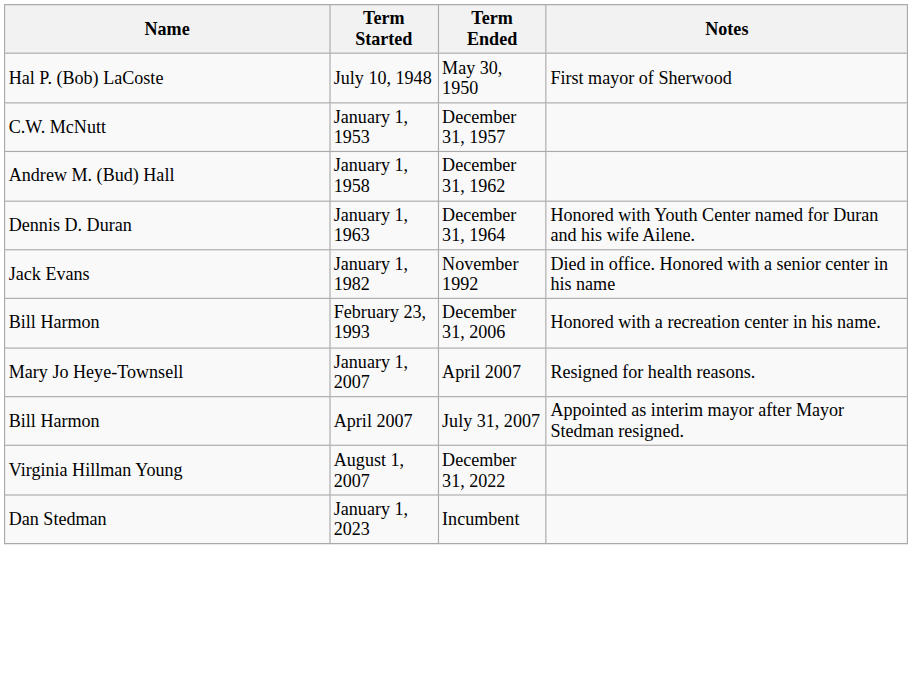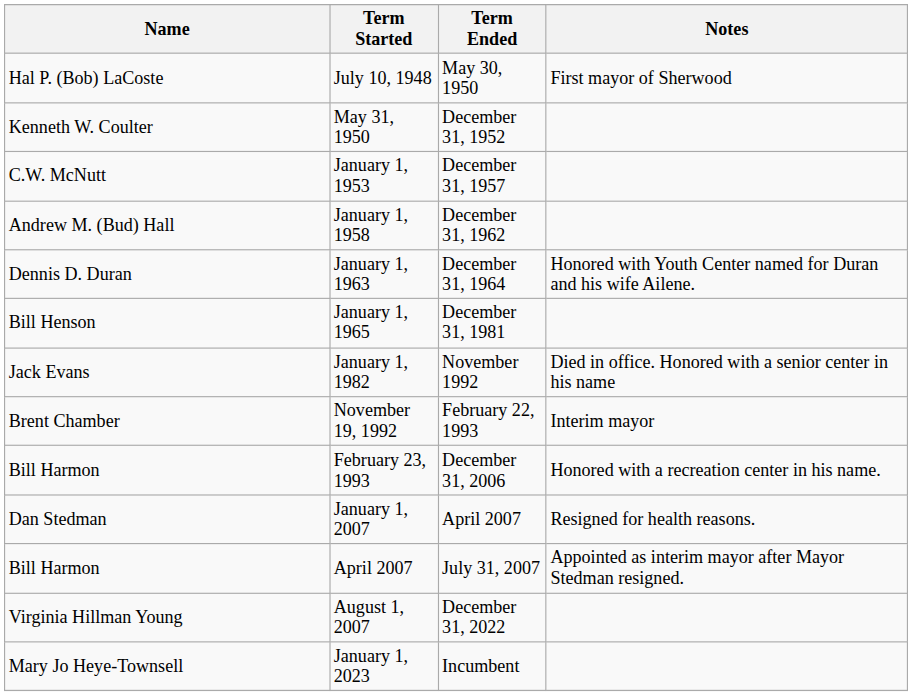 <table class="wikitable sortable" width="800pt">
 <tr>
 </tr>
 <tr>
 <th width="36%">Name</th>
 <th width="12%">Term<br>Started</th>
 <th width="12%">Term<br>Ended</th>
 <th width="40%">Notes</th>
 </tr>
 <tr>
 <td>Hal P. (Bob) LaCoste</td>
 <td>July 10, 1948</td>
 <td>May 30, 1950</td>
 <td>First mayor of Sherwood</td>
+</tr>
+<tr>
+<td>Kenneth W. Coulter</td>
+<td>May 31, 1950</td>
+<td>December 31, 1952</td>
+<td></td>
 </tr>
 <tr>
 <td>C.W. McNutt</td>
 <td>January 1, 1953</td>
 <td>December 31, 1957</td>
 <td></td>
 </tr>
 <tr>
 <td>Andrew M. (Bud) Hall</td>
 <td>January 1, 1958</td>
 <td>December 31, 1962</td>
 <td></td>
 </tr>
 <tr>
 <td>Dennis D. Duran</td>
 <td>January 1, 1963</td>
 <td>December 31, 1964</td>
 <td>Honored with Youth Center named for Duran and his wife Ailene.</td>
 </tr>
 <tr>
+<td>Bill Henson</td>
+<td>January 1, 1965</td>
+<td>December 31, 1981</td>
+<td></td>
+</tr>
+<tr>
 <td>Jack Evans</td>
 <td>January 1, 1982</td>
 <td>November 1992</td>
 <td>Died in office. Honored with a senior center in his name</td>
+</tr>
+<tr>
+<td>Brent Chamber</td>
+<td>November 19, 1992</td>
+<td>February 22, 1993</td>
+<td>Interim mayor</td>
 </tr>
 <tr>
 <td>Bill Harmon</td>
 <td>February 23, 1993</td>
 <td>December 31, 2006</td>
 <td>Honored with a recreation center in his name.</td>
 </tr>
 <tr>
-<td>Mary Jo Heye-Townsell</td>
+<td>Dan Stedman</td>
 <td>January 1, 2007</td>
 <td>April 2007</td>
 <td>Resigned for health reasons.</td>
 </tr>
 <tr>
 <td>Bill Harmon</td>
 <td>April 2007</td>
 <td>July 31, 2007</td>
 <td>Appointed as interim mayor after Mayor Stedman resigned.</td>
 </tr>
 <tr>
 <td>Virginia Hillman Young</td>
 <td>August 1, 2007</td>
 <td>December 31, 2022</td>
 </tr>
 <tr>
-<td>Dan Stedman</td>
+<td>Mary Jo Heye-Townsell</td>
 <td>January 1, 2023</td>
 <td>Incumbent</td>
 <td></td>
 </tr>
 <tr>
 </tr>
 </table>
